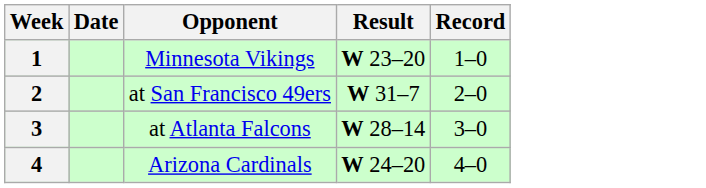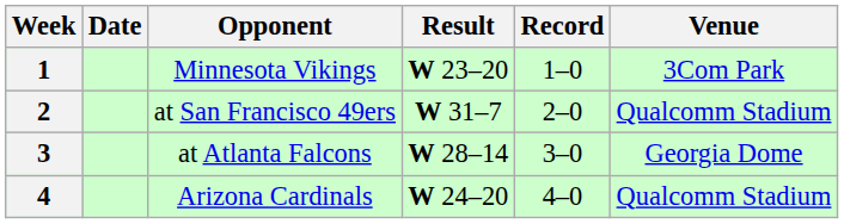 <table class="wikitable" style="text-align:center">
 <tr>
 <th>Week</th>
 <th>Date</th>
 <th>Opponent</th>
 <th>Result</th>
 <th>Record</th>
+<th>Venue</th>
 </tr>
 <tr style="background:#cfc">
 <th>1</th>
 <td></td>
 <td><a href='#'>Minnesota Vikings</a></td>
 <td><strong>W</strong> 23–20</td>
 <td>1–0</td>
+<td><a href='#'>3Com Park</a></td>
 </tr>
 <tr style="background:#cfc">
 <th>2</th>
 <td></td>
 <td>at <a href='#'>San Francisco 49ers</a></td>
 <td><strong>W</strong> 31–7</td>
 <td>2–0</td>
+<td><a href='#'>Qualcomm Stadium</a></td>
 </tr>
 <tr style="background:#cfc">
 <th>3</th>
 <td></td>
 <td>at <a href='#'>Atlanta Falcons</a></td>
 <td><strong>W</strong> 28–14</td>
 <td>3–0</td>
+<td><a href='#'>Georgia Dome</a></td>
 </tr>
 <tr style="background:#cfc">
 <th>4</th>
 <td></td>
 <td><a href='#'>Arizona Cardinals</a></td>
 <td><strong>W</strong> 24–20</td>
 <td>4–0</td>
+<td><a href='#'>Qualcomm Stadium</a></td>
 </tr>
 </table>
